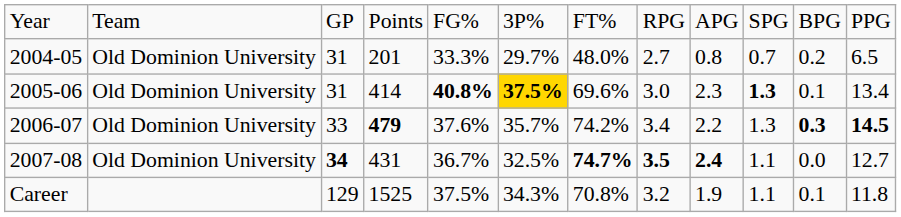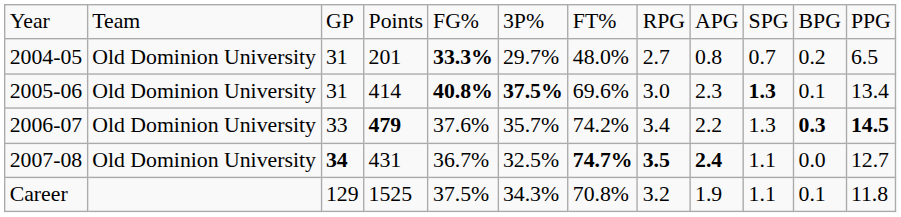 <table class="wikitable">
 <tr>
 <td>Year</td>
 <td>Team</td>
 <td>GP</td>
 <td>Points</td>
 <td>FG%</td>
 <td>3P%</td>
 <td>FT%</td>
 <td>RPG</td>
 <td>APG</td>
 <td>SPG</td>
 <td>BPG</td>
 <td>PPG</td>
 </tr>
 <tr>
 <td>2004-05</td>
 <td>Old Dominion University</td>
 <td>31</td>
 <td>201</td>
-<td>33.3%</td>
+<td><strong>33.3%</strong></td>
 <td>29.7%</td>
 <td>48.0%</td>
 <td>2.7</td>
 <td>0.8</td>
 <td>0.7</td>
 <td>0.2</td>
 <td>6.5</td>
 </tr>
 <tr>
 <td>2005-06</td>
 <td>Old Dominion University</td>
 <td>31</td>
 <td>414</td>
 <td><strong>40.8%</strong></td>
-<td style="background: gold;"><strong>37.5%</strong></td>
+<td><strong>37.5%</strong></td>
 <td>69.6%</td>
 <td>3.0</td>
 <td>2.3</td>
 <td><strong>1.3</strong></td>
 <td>0.1</td>
 <td>13.4</td>
 </tr>
 <tr>
 <td>2006-07</td>
 <td>Old Dominion University</td>
 <td>33</td>
 <td><strong>479</strong></td>
 <td>37.6%</td>
 <td>35.7%</td>
 <td>74.2%</td>
 <td>3.4</td>
 <td>2.2</td>
 <td>1.3</td>
 <td><strong>0.3</strong></td>
 <td><strong>14.5</strong></td>
 </tr>
 <tr>
 <td>2007-08</td>
 <td>Old Dominion University</td>
 <td><strong>34</strong></td>
 <td>431</td>
 <td>36.7%</td>
 <td>32.5%</td>
 <td><strong>74.7%</strong></td>
 <td><strong>3.5</strong></td>
 <td><strong>2.4</strong></td>
 <td>1.1</td>
 <td>0.0</td>
 <td>12.7</td>
 </tr>
 <tr>
 <td>Career</td>
 <td></td>
 <td>129</td>
 <td>1525</td>
 <td>37.5%</td>
 <td>34.3%</td>
 <td>70.8%</td>
 <td>3.2</td>
 <td>1.9</td>
 <td>1.1</td>
 <td>0.1</td>
 <td>11.8</td>
 </tr>
 </table>
